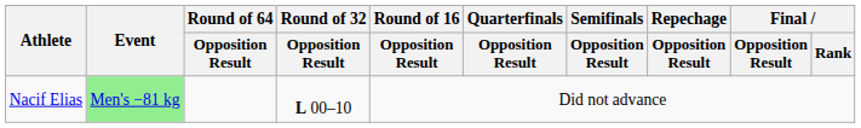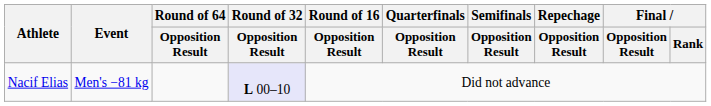 <table class="wikitable" style="font-size:90%">
 <tr>
 <th rowspan="2">Athlete</th>
 <th rowspan="2">Event</th>
 <th>Round of 64</th>
 <th>Round of 32</th>
 <th>Round of 16</th>
 <th>Quarterfinals</th>
 <th>Semifinals</th>
 <th>Repechage</th>
 <th colspan=2>Final / </th>
 </tr>
 <tr style="font-size:95%">
 <th>Opposition<br>Result</th>
 <th>Opposition<br>Result</th>
 <th>Opposition<br>Result</th>
 <th>Opposition<br>Result</th>
 <th>Opposition<br>Result</th>
 <th>Opposition<br>Result</th>
 <th>Opposition<br>Result</th>
 <th>Rank</th>
 </tr>
 <tr align=center>
 <td align=left><a href='#'>Nacif Elias</a></td>
-<td align=left style="background: lightgreen;"><a href='#'>Men's −81 kg</a></td>
+<td align=left><a href='#'>Men's −81 kg</a></td>
 <td></td>
-<td><br><strong>L</strong> 00–10</td>
+<td style="background: lavender;"><br><strong>L</strong> 00–10</td>
 <td colspan=6>Did not advance</td>
 </tr>
 </table>
